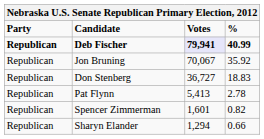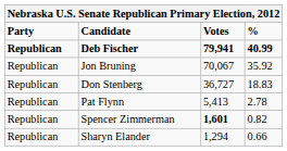 <table class="wikitable">
 <tr>
 <th colspan="4">Nebraska U.S. Senate Republican Primary Election, 2012</th>
 </tr>
 <tr>
 <td><strong>Party</strong></td>
 <td><strong>Candidate</strong></td>
 <td><strong>Votes</strong></td>
 <td><strong>%</strong></td>
 </tr>
 <tr>
 <td><strong>Republican</strong></td>
 <td><strong>Deb Fischer</strong></td>
-<td style="background: lavender;"><strong>79,941</strong></td>
+<td><strong>79,941</strong></td>
 <td><strong>40.99</strong></td>
 </tr>
 <tr>
 <td>Republican</td>
 <td>Jon Bruning</td>
 <td>70,067</td>
 <td>35.92</td>
 </tr>
 <tr>
 <td>Republican</td>
 <td>Don Stenberg</td>
 <td>36,727</td>
 <td>18.83</td>
 </tr>
 <tr>
 <td>Republican</td>
 <td>Pat Flynn</td>
 <td>5,413</td>
 <td>2.78</td>
 </tr>
 <tr>
 <td>Republican</td>
 <td>Spencer Zimmerman</td>
-<td>1,601</td>
+<td><strong>1,601</strong></td>
 <td>0.82</td>
 </tr>
 <tr>
 <td>Republican</td>
 <td>Sharyn Elander</td>
 <td>1,294</td>
 <td>0.66</td>
 </tr>
 </table>
